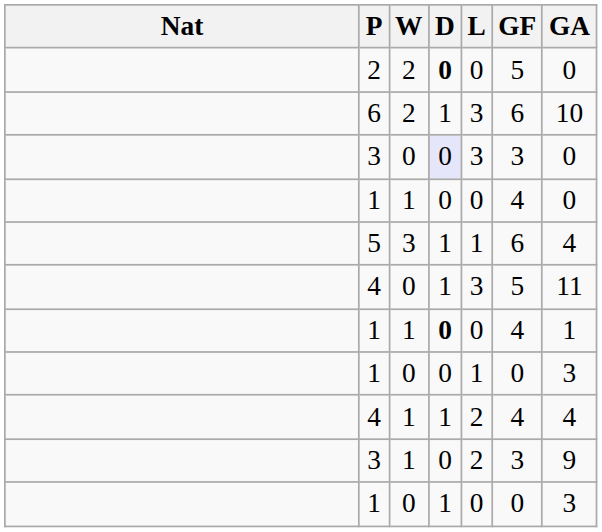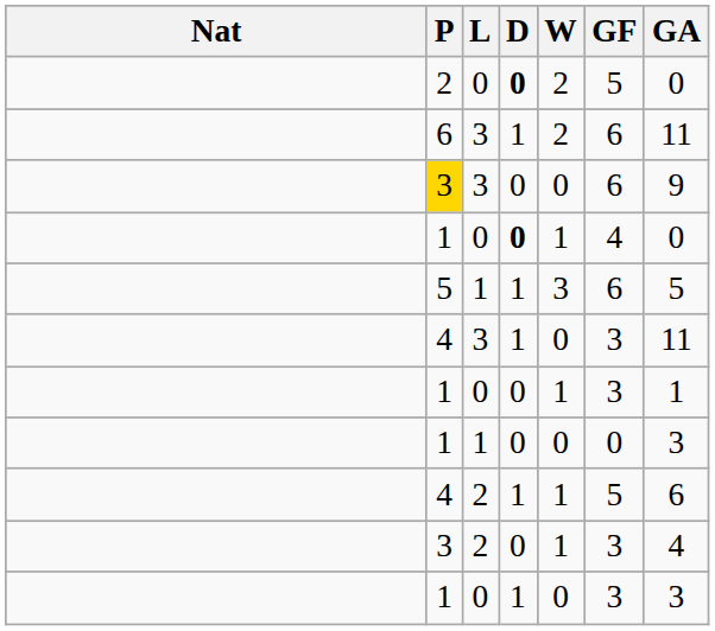 <table class="wikitable sortable" style="text-align:center">
 <tr>
 <th width="200">Nat</th>
 <th width="2">P</th>
+<th width="2">L</th>
+<th width="2">D</th>
 <th width="2">W</th>
-<th width="2">D</th>
-<th width="2">L</th>
 <th width="2">GF</th>
 <th width="2">GA</th>
 </tr>
 <tr>
 <td align=left></td>
 <td>2</td>
+<td>0</td>
+<td><strong>0</strong></td>
 <td>2</td>
-<td><strong>0</strong></td>
-<td>0</td>
 <td>5</td>
 <td>0</td>
 </tr>
 <tr>
 <td align=left></td>
 <td>6</td>
+<td>3</td>
+<td>1</td>
 <td>2</td>
+<td>6</td>
+<td>11</td>
+</tr>
+<tr>
+<td align=left></td>
+<td style="background: gold;">3</td>
+<td>3</td>
+<td>0</td>
+<td>0</td>
+<td>6</td>
+<td>9</td>
+</tr>
+<tr>
+<td align=left></td>
+<td>1</td>
+<td>0</td>
+<td><strong>0</strong></td>
+<td>1</td>
+<td>4</td>
+<td>0</td>
+</tr>
+<tr>
+<td align=left></td>
+<td>5</td>
+<td>1</td>
 <td>1</td>
 <td>3</td>
 <td>6</td>
-<td>10</td>
+<td>5</td>
 </tr>
 <tr>
 <td align=left></td>
+<td>4</td>
 <td>3</td>
+<td>1</td>
 <td>0</td>
-<td style="background: lavender;">0</td>
 <td>3</td>
+<td>11</td>
+</tr>
+<tr>
+<td align=left></td>
+<td>1</td>
+<td>0</td>
+<td>0</td>
+<td>1</td>
 <td>3</td>
-<td>0</td>
+<td>1</td>
 </tr>
 <tr>
 <td align=left></td>
 <td>1</td>
 <td>1</td>
 <td>0</td>
 <td>0</td>
-<td>4</td>
-<td>0</td>
-</tr>
-<tr>
-<td align=left></td>
-<td>5</td>
-<td>3</td>
-<td>1</td>
-<td>1</td>
-<td>6</td>
-<td>4</td>
-</tr>
-<tr>
-<td align=left></td>
-<td>4</td>
-<td>0</td>
-<td>1</td>
-<td>3</td>
-<td>5</td>
-<td>11</td>
-</tr>
-<tr>
-<td align=left></td>
-<td>1</td>
-<td>1</td>
-<td><strong>0</strong></td>
-<td>0</td>
-<td>4</td>
-<td>1</td>
-</tr>
-<tr>
-<td align=left></td>
-<td>1</td>
-<td>0</td>
-<td>0</td>
-<td>1</td>
 <td>0</td>
 <td>3</td>
 </tr>
 <tr>
 <td align=left></td>
 <td>4</td>
+<td>2</td>
 <td>1</td>
 <td>1</td>
-<td>2</td>
-<td>4</td>
-<td>4</td>
+<td>5</td>
+<td>6</td>
 </tr>
 <tr>
 <td align=left></td>
 <td>3</td>
+<td>2</td>
+<td>0</td>
 <td>1</td>
-<td>0</td>
-<td>2</td>
 <td>3</td>
-<td>9</td>
+<td>4</td>
 </tr>
 <tr>
 <td align=left></td>
 <td>1</td>
 <td>0</td>
 <td>1</td>
 <td>0</td>
-<td>0</td>
+<td>3</td>
 <td>3</td>
 </tr>
 </table>
